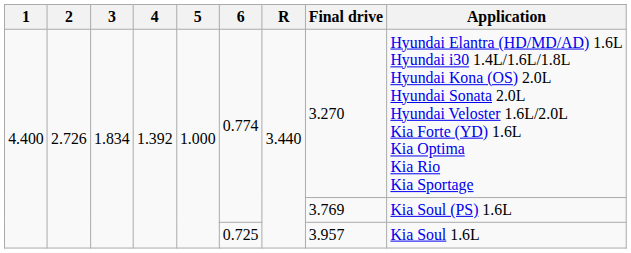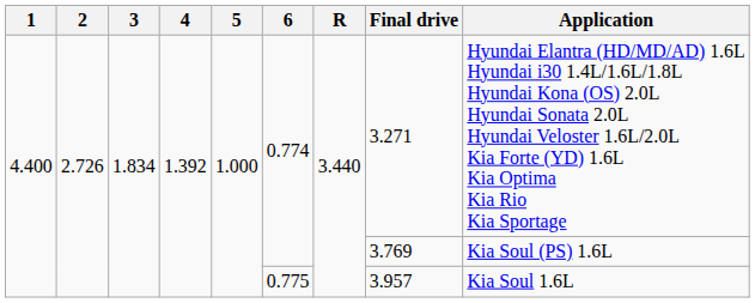 <table class=wikitable>
 <tr>
 <th>1</th>
 <th>2</th>
 <th>3</th>
 <th>4</th>
 <th>5</th>
 <th>6</th>
 <th>R</th>
 <th>Final drive</th>
 <th>Application</th>
 </tr>
 <tr>
 <td rowspan=3>4.400</td>
 <td rowspan=3>2.726</td>
 <td rowspan=3>1.834</td>
 <td rowspan=3>1.392</td>
 <td rowspan=3>1.000</td>
 <td rowspan=2>0.774</td>
 <td rowspan=3>3.440</td>
-<td>3.270</td>
+<td>3.271</td>
 <td><a href='#'>Hyundai Elantra (HD/MD/AD)</a> 1.6L<br><a href='#'>Hyundai i30</a> 1.4L/1.6L/1.8L<br><a href='#'>Hyundai Kona (OS)</a> 2.0L<br><a href='#'>Hyundai Sonata</a> 2.0L<br><a href='#'>Hyundai Veloster</a> 1.6L/2.0L<br><a href='#'>Kia Forte (YD)</a> 1.6L<br><a href='#'>Kia Optima</a><br><a href='#'>Kia Rio</a><br><a href='#'>Kia Sportage</a></td>
 </tr>
 <tr>
 <td>3.769</td>
 <td><a href='#'>Kia Soul (PS)</a> 1.6L</td>
 </tr>
 <tr>
-<td>0.725</td>
+<td>0.775</td>
 <td>3.957</td>
 <td><a href='#'>Kia Soul</a> 1.6L</td>
 </tr>
 </table>
